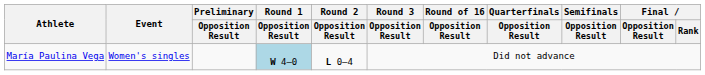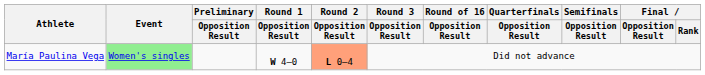 <table class="wikitable" style="font-size:90%;">
 <tr>
 <th rowspan=2>Athlete</th>
 <th rowspan=2>Event</th>
 <th>Preliminary</th>
 <th>Round 1</th>
 <th>Round 2</th>
 <th>Round 3</th>
 <th>Round of 16</th>
 <th>Quarterfinals</th>
 <th>Semifinals</th>
 <th colspan=2>Final / </th>
 </tr>
 <tr style="font-size:95%">
 <th>Opposition<br>Result</th>
 <th>Opposition<br>Result</th>
 <th>Opposition<br>Result</th>
 <th>Opposition<br>Result</th>
 <th>Opposition<br>Result</th>
 <th>Opposition<br>Result</th>
 <th>Opposition<br>Result</th>
 <th>Opposition<br>Result</th>
 <th>Rank</th>
 </tr>
 <tr align=center>
 <td align=left><a href='#'>María Paulina Vega</a></td>
-<td align=left><a href='#'>Women's singles</a></td>
+<td align=left style="background: lightgreen;"><a href='#'>Women's singles</a></td>
 <td></td>
-<td style="background: lightblue;"><br><strong>W</strong> 4–0</td>
-<td><br><strong>L</strong> 0–4</td>
+<td><br><strong>W</strong> 4–0</td>
+<td style="background: lightsalmon;"><br><strong>L</strong> 0–4</td>
 <td colspan=6>Did not advance</td>
 </tr>
 </table>
